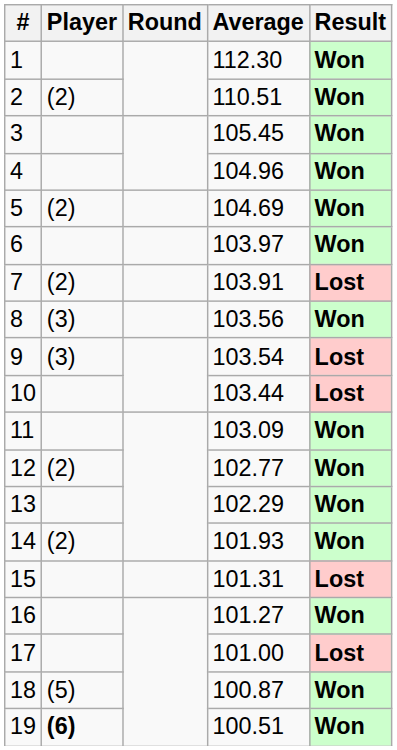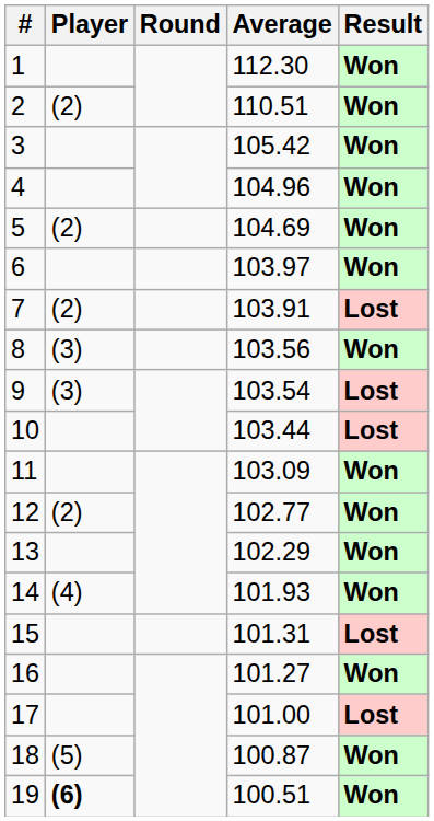 <table class ="wikitable sortable">
 <tr>
 <th>#</th>
 <th>Player</th>
 <th>Round</th>
 <th>Average</th>
 <th>Result</th>
 </tr>
 <tr>
 <td>1</td>
 <td></td>
 <td Rowspan=2></td>
 <td>112.30</td>
 <td style="background:#CCFFCC;"><strong>Won</strong></td>
 </tr>
 <tr>
 <td>2</td>
 <td>(2)</td>
 <td>110.51</td>
 <td style="background:#CCFFCC;"><strong>Won</strong></td>
 </tr>
 <tr>
 <td>3</td>
 <td></td>
 <td Rowspan=2></td>
-<td>105.45</td>
+<td>105.42</td>
 <td style="background:#CCFFCC;"><strong>Won</strong></td>
 </tr>
 <tr>
 <td>4</td>
 <td></td>
 <td>104.96</td>
 <td style="background:#CCFFCC;"><strong>Won</strong></td>
 </tr>
 <tr>
 <td>5</td>
 <td>(2)</td>
 <td Rowspan=1></td>
 <td>104.69</td>
 <td style="background:#CCFFCC;"><strong>Won</strong></td>
 </tr>
 <tr>
 <td>6</td>
 <td></td>
 <td Rowspan=1></td>
 <td>103.97</td>
 <td style="background:#CCFFCC;"><strong>Won</strong></td>
 </tr>
 <tr>
 <td>7</td>
 <td>(2)</td>
 <td></td>
 <td>103.91</td>
 <td style="background:#FFCCCC;"><strong>Lost</strong></td>
 </tr>
 <tr>
 <td>8</td>
 <td>(3)</td>
 <td></td>
 <td>103.56</td>
 <td style="background:#CCFFCC;"><strong>Won</strong></td>
 </tr>
 <tr>
 <td>9</td>
 <td>(3)</td>
 <td rowspan=2></td>
 <td>103.54</td>
 <td style="background:#FFCCCC;"><strong>Lost</strong></td>
 </tr>
 <tr>
 <td>10</td>
 <td></td>
 <td>103.44</td>
 <td style="background:#FFCCCC;"><strong>Lost</strong></td>
 </tr>
 <tr>
 <td>11</td>
 <td></td>
 <td Rowspan=4></td>
 <td>103.09</td>
 <td style="background:#CCFFCC;"><strong>Won</strong></td>
 </tr>
 <tr>
 <td>12</td>
 <td>(2)</td>
 <td>102.77</td>
 <td style="background:#CCFFCC;"><strong>Won</strong></td>
 </tr>
 <tr>
 <td>13</td>
 <td></td>
 <td>102.29</td>
 <td style="background:#CCFFCC;"><strong>Won</strong></td>
 </tr>
 <tr>
 <td>14</td>
-<td>(2)</td>
+<td>(4)</td>
 <td>101.93</td>
 <td style="background:#CCFFCC;"><strong>Won</strong></td>
 </tr>
 <tr>
 <td>15</td>
 <td></td>
 <td></td>
 <td>101.31</td>
 <td style="background:#FFCCCC;"><strong>Lost</strong></td>
 </tr>
 <tr>
 <td>16</td>
 <td></td>
 <td Rowspan=4></td>
 <td>101.27</td>
 <td style="background:#CCFFCC;"><strong>Won</strong></td>
 </tr>
 <tr>
 <td>17</td>
 <td></td>
 <td>101.00</td>
 <td style="background:#FFCCCC;"><strong>Lost</strong></td>
 </tr>
 <tr>
 <td>18</td>
 <td>(5)</td>
 <td>100.87</td>
 <td style="background:#CCFFCC;"><strong>Won</strong></td>
 </tr>
 <tr>
 <td>19</td>
 <td><strong>(6)</strong></td>
 <td>100.51</td>
 <td style="background:#CCFFCC;"><strong>Won</strong></td>
 </tr>
 </table>
